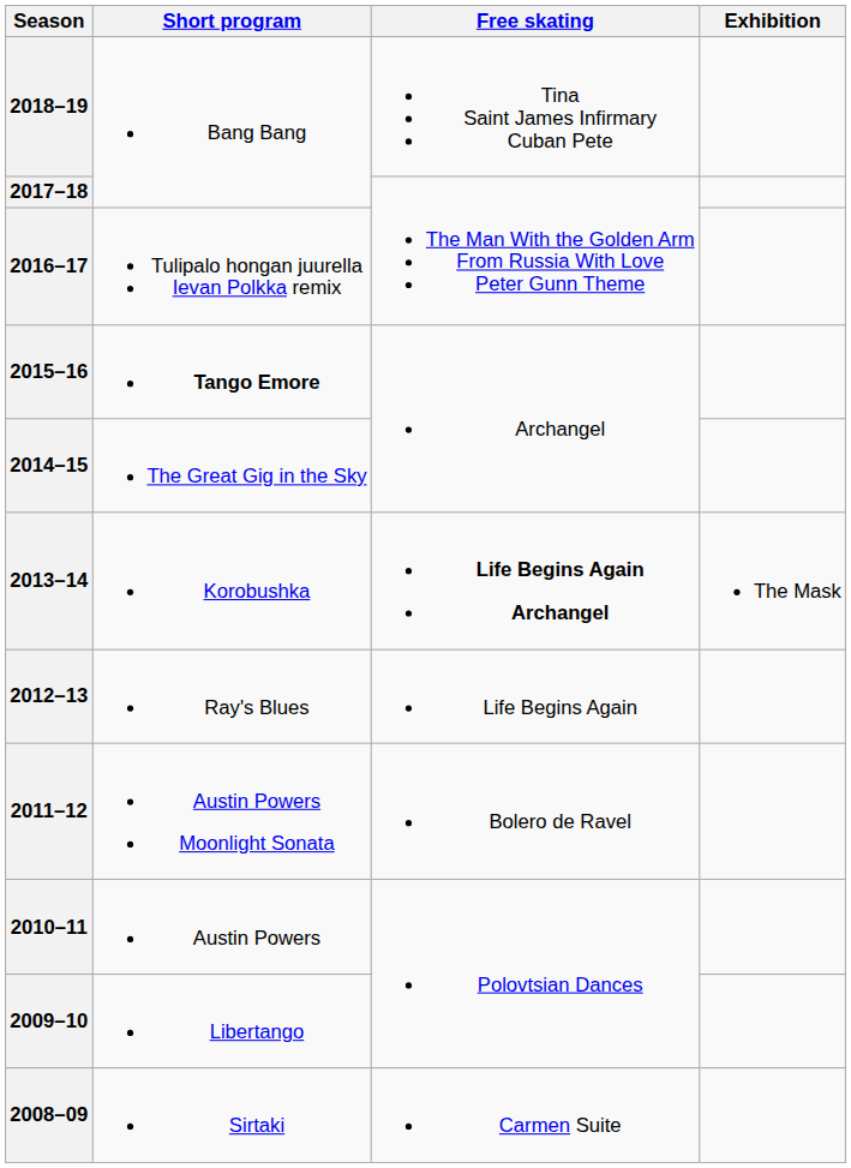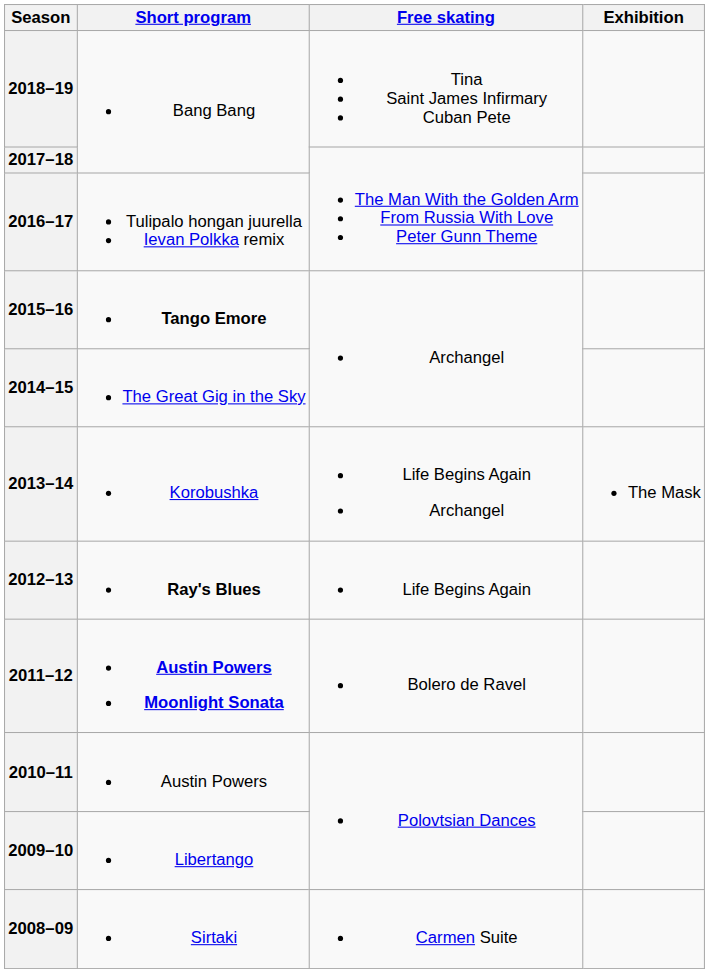 <table class=wikitable style=text-align:center>
 <tr>
 <th>Season</th>
 <th><a href='#'>Short program</a></th>
 <th><a href='#'>Free skating</a></th>
 <th>Exhibition</th>
 </tr>
 <tr>
 <th>2018–19</th>
 <td rowspan=2><br><ul><li>Bang Bang <br> </li></ul></td>
 <td><br><ul><li>Tina <br> </li><li>Saint James Infirmary <br> </li><li>Cuban Pete <br> </li></ul></td>
 <td></td>
 </tr>
 <tr>
 <th>2017–18 <br> </th>
 <td rowspan=2><br><ul><li><a href='#'>The Man With the Golden Arm</a> <br></li><li><a href='#'>From Russia With Love</a> <br></li><li><a href='#'>Peter Gunn Theme</a> <br></li></ul></td>
 <td></td>
 </tr>
 <tr>
 <th>2016–17 <br> </th>
 <td><br><ul><li>Tulipalo hongan juurella <br></li><li><a href='#'>Ievan Polkka</a> remix</li></ul></td>
 <td></td>
 </tr>
 <tr>
 <th>2015–16 <br> </th>
 <td><strong><br><ul><li>Tango Emore <br></li></ul></strong></td>
 <td rowspan=2><br><ul><li>Archangel <br></li></ul></td>
 <td></td>
 </tr>
 <tr>
 <th>2014–15 <br> </th>
 <td><br><ul><li><a href='#'>The Great Gig in the Sky</a> <br></li></ul></td>
 <td></td>
 </tr>
 <tr>
 <th>2013–14 <br> </th>
 <td><br><ul><li><a href='#'>Korobushka</a> <br></li></ul></td>
-<td><strong><br><ul><li>Life Begins Again <br></li></ul><ul><li>Archangel <br></li></ul></strong></td>
+<td><br><ul><li>Life Begins Again <br></li></ul><ul><li>Archangel <br></li></ul></td>
 <td><br><ul><li>The Mask</li></ul></td>
 </tr>
 <tr>
 <th>2012–13 <br> </th>
-<td><br><ul><li>Ray's Blues <br></li></ul></td>
+<td><strong><br><ul><li>Ray's Blues <br></li></ul></strong></td>
 <td><br><ul><li>Life Begins Again <br></li></ul></td>
 <td></td>
 </tr>
 <tr>
 <th>2011–12 <br> </th>
-<td><br><ul><li><a href='#'>Austin Powers</a> <br></li></ul><ul><li><a href='#'>Moonlight Sonata</a> <br></li></ul></td>
+<td><strong><br><ul><li><a href='#'>Austin Powers</a> <br></li></ul><ul><li><a href='#'>Moonlight Sonata</a> <br></li></ul></strong></td>
 <td><br><ul><li>Bolero de Ravel <br></li></ul></td>
 <td></td>
 </tr>
 <tr>
 <th>2010–11 <br> </th>
 <td><br><ul><li>Austin Powers <br></li></ul></td>
 <td rowspan=2><br><ul><li><a href='#'>Polovtsian Dances</a> <br></li></ul></td>
 <td></td>
 </tr>
 <tr>
 <th>2009–10 <br> </th>
 <td><br><ul><li><a href='#'>Libertango</a> <br></li></ul></td>
 <td></td>
 </tr>
 <tr>
 <th>2008–09 <br> </th>
 <td><br><ul><li><a href='#'>Sirtaki</a> <br></li></ul></td>
 <td><br><ul><li><a href='#'>Carmen</a> Suite <br></li></ul></td>
 <td></td>
 </tr>
 </table>
